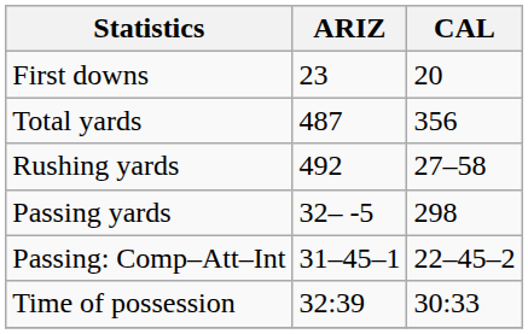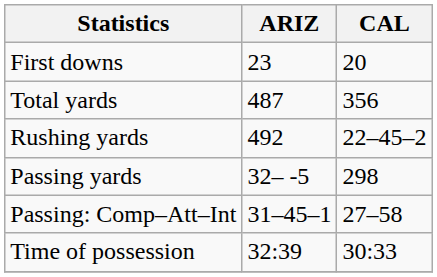 <table class="wikitable" style="float: left;">
 <tr>
 <th>Statistics</th>
 <th>ARIZ</th>
 <th>CAL</th>
 </tr>
 <tr>
 <td>First downs</td>
 <td>23</td>
 <td>20</td>
 </tr>
 <tr>
 <td>Total yards</td>
 <td>487</td>
 <td>356</td>
 </tr>
 <tr>
 <td>Rushing yards</td>
 <td>492</td>
-<td>27–58</td>
+<td>22–45–2</td>
 </tr>
 <tr>
 <td>Passing yards</td>
 <td>32– -5</td>
 <td>298</td>
 </tr>
 <tr>
 <td>Passing: Comp–Att–Int</td>
 <td>31–45–1</td>
-<td>22–45–2</td>
+<td>27–58</td>
 </tr>
 <tr>
 <td>Time of possession</td>
 <td>32:39</td>
 <td>30:33</td>
 </tr>
 <tr>
 </tr>
 </table>
